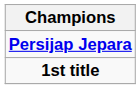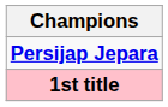 <table class="wikitable" style="text-align: center; margin: 0 auto;">
 <tr>
 <th>Champions</th>
 </tr>
 <tr>
 <td><strong><a href='#'>Persijap Jepara</a></strong></td>
 </tr>
 <tr>
-<td><strong>1st title</strong></td>
+<td style="background: pink;"><strong>1st title</strong></td>
 </tr>
 <tr>
 </tr>
 </table>
